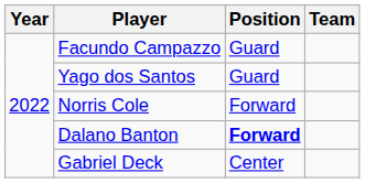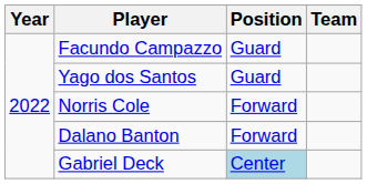 <table class="wikitable" style="width: %; text-align:center; font-size:%">
 <tr>
 <th>Year</th>
 <th>Player</th>
 <th>Position</th>
 <th>Team</th>
 </tr>
 <tr>
 <td rowspan=5><a href='#'>2022</a></td>
 <td align=left><a href='#'>Facundo Campazzo</a></td>
 <td align=left><a href='#'>Guard</a></td>
 <td align=left></td>
 </tr>
 <tr>
 <td align=left><a href='#'>Yago dos Santos</a></td>
 <td align=left><a href='#'>Guard</a></td>
 <td align=left></td>
 </tr>
 <tr>
 <td align=left><a href='#'>Norris Cole</a></td>
 <td align=left><a href='#'>Forward</a></td>
 <td align=left></td>
 </tr>
 <tr>
 <td align=left><a href='#'>Dalano Banton</a></td>
-<td align=left><strong><a href='#'>Forward</a></strong></td>
+<td align=left><a href='#'>Forward</a></td>
 <td align=left></td>
 </tr>
 <tr>
 <td align=left><a href='#'>Gabriel Deck</a></td>
-<td align=left><a href='#'>Center</a></td>
+<td align=left style="background: lightblue;"><a href='#'>Center</a></td>
 <td align=left></td>
 </tr>
 </table>
